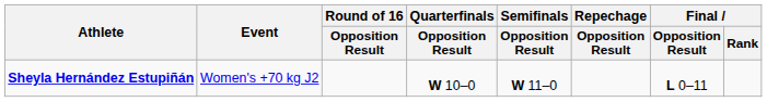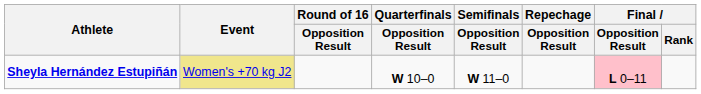 <table class="wikitable" style="font-size:90%">
 <tr>
 <th rowspan="2">Athlete</th>
 <th rowspan="2">Event</th>
 <th>Round of 16</th>
 <th>Quarterfinals</th>
 <th>Semifinals</th>
 <th>Repechage</th>
 <th colspan=2>Final / </th>
 </tr>
 <tr style="font-size:95%">
 <th>Opposition<br>Result</th>
 <th>Opposition<br>Result</th>
 <th>Opposition<br>Result</th>
 <th>Opposition<br>Result</th>
 <th>Opposition<br>Result</th>
 <th>Rank</th>
 </tr>
 <tr align=center>
 <td align=left><strong><a href='#'>Sheyla Hernández Estupiñán</a></strong></td>
-<td align=left><a href='#'>Women's +70 kg J2</a></td>
+<td align=left style="background: khaki;"><a href='#'>Women's +70 kg J2</a></td>
 <td></td>
 <td><br><strong>W</strong> 10–0</td>
 <td><br><strong>W</strong> 11–0</td>
 <td></td>
-<td><br><strong>L</strong> 0–11</td>
+<td style="background: pink;"><br><strong>L</strong> 0–11</td>
 <td></td>
 </tr>
 </table>
